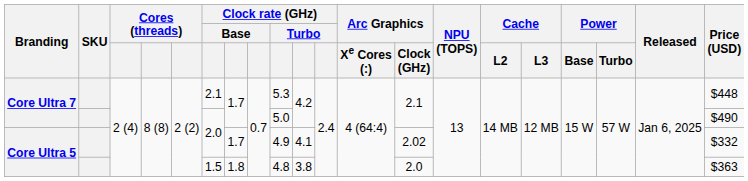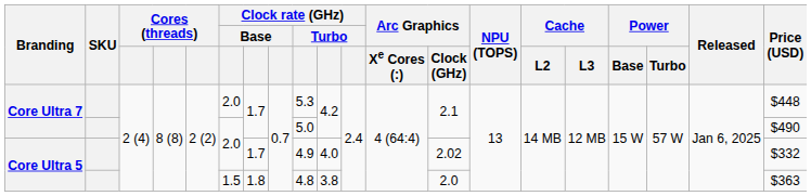 <table class="wikitable" style="text-align:center; white-space:nowrap; font-size:95%">
 <tr>
 <th rowspan="3">Branding</th>
 <th rowspan="3">SKU</th>
 <th colspan="3" rowspan="2"><a href='#'>Cores</a> <br> (<a href='#'>threads</a>)</th>
 <th colspan="6"><a href='#'>Clock rate</a> (GHz)</th>
 <th colspan="2" rowspan="2"><a href='#'>Arc</a> Graphics</th>
 <th rowspan="3"><a href='#'>NPU</a> <br> (TOPS)</th>
 <th colspan="2" rowspan="2"><a href='#'>Cache</a></th>
 <th colspan="2" rowspan="2"><a href='#'>Power</a></th>
 <th rowspan="3">Released</th>
 <th rowspan="3">Price <br> (USD)</th>
 </tr>
 <tr>
 <th colspan="3">Base</th>
 <th colspan="3"><a href='#'>Turbo</a></th>
 </tr>
 <tr>
 <th style="width:3em;"></th>
 <th style="width:3em;"></th>
 <th style="width:1.5em;"></th>
 <th style="width:1.5em;"></th>
 <th style="width:1.5em;"></th>
 <th style="width:1.5em;"></th>
 <th></th>
 <th></th>
 <th></th>
 <th>X<sup>e</sup> Cores <br> (:)</th>
 <th>Clock <br>(GHz)</th>
 <th>L2</th>
 <th>L3</th>
 <th>Base</th>
 <th>Turbo</th>
 </tr>
 <tr>
 <th rowspan="2"><a href='#'>Core Ultra 7</a></th>
 <th style="text-align:left; height:2em;"></th>
 <td rowspan="4">2 (4)</td>
 <td rowspan="4">8 (8)</td>
 <td rowspan="4">2 (2)</td>
-<td>2.1</td>
+<td>2.0</td>
 <td rowspan="2">1.7</td>
 <td rowspan="4">0.7</td>
 <td>5.3</td>
 <td rowspan="2">4.2</td>
 <td rowspan="4">2.4</td>
 <td rowspan="4">4 (64:4)</td>
 <td rowspan="2">2.1</td>
 <td rowspan="4">13</td>
 <td rowspan="4">14 MB</td>
 <td rowspan="4">12 MB</td>
 <td rowspan="4">15 W</td>
 <td rowspan="4">57 W</td>
 <td rowspan="4">Jan 6, 2025</td>
 <td>$448</td>
 </tr>
 <tr>
 <th></th>
 <td rowspan="2">2.0</td>
 <td>5.0</td>
 <td>$490</td>
 </tr>
 <tr>
 <th rowspan="2"><a href='#'>Core Ultra 5</a></th>
 <th style="text-align:left; height:2em;"></th>
 <td>1.7</td>
 <td>4.9</td>
-<td>4.1</td>
+<td>4.0</td>
 <td>2.02</td>
 <td>$332</td>
 </tr>
 <tr>
 <th></th>
 <td>1.5</td>
 <td>1.8</td>
 <td>4.8</td>
 <td>3.8</td>
 <td>2.0</td>
 <td>$363</td>
 </tr>
 </table>
